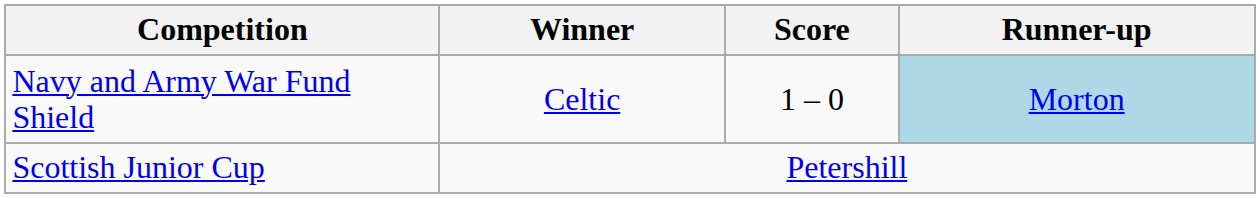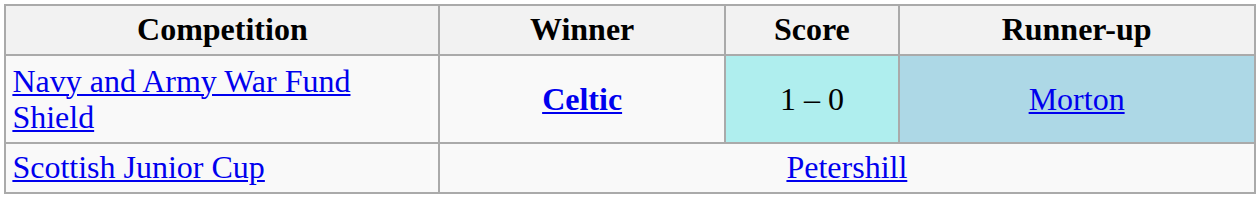 <table class="wikitable" style="text-align: center;">
 <tr>
 <th width=210>Competition</th>
 <th width=135>Winner</th>
 <th width=80>Score</th>
 <th width=170>Runner-up</th>
 </tr>
 <tr>
 <td align=left><a href='#'>Navy and Army War Fund Shield</a></td>
-<td><a href='#'>Celtic</a></td>
-<td>1 – 0</td>
+<td><strong><a href='#'>Celtic</a></strong></td>
+<td style="background: paleturquoise;">1 – 0</td>
 <td style="background: lightblue;"><a href='#'>Morton</a></td>
 </tr>
 <tr>
 <td align=left><a href='#'>Scottish Junior Cup</a></td>
 <td colspan = 3><a href='#'>Petershill</a></td>
 </tr>
 </table>
